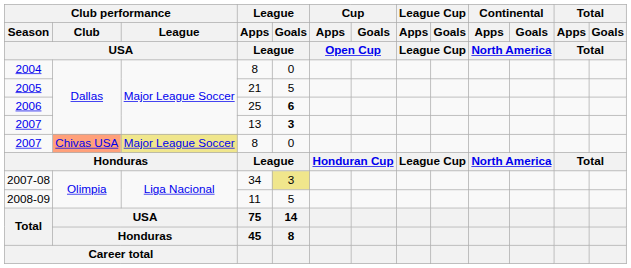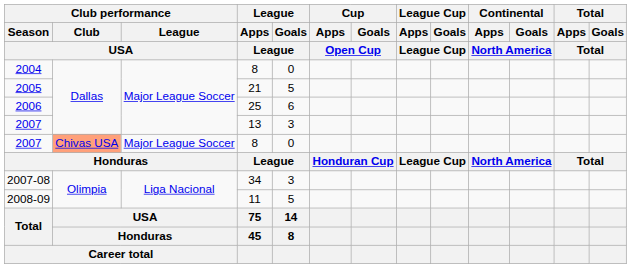 <table class="wikitable" style="text-align:center">
 <tr>
 <th colspan=3>Club performance</th>
 <th colspan=2>League</th>
 <th colspan=2>Cup</th>
 <th colspan=2>League Cup</th>
 <th colspan=2>Continental</th>
 <th colspan=2>Total</th>
 </tr>
 <tr>
 <th>Season</th>
 <th>Club</th>
 <th>League</th>
 <th>Apps</th>
 <th>Goals</th>
 <th>Apps</th>
 <th>Goals</th>
 <th>Apps</th>
 <th>Goals</th>
 <th>Apps</th>
 <th>Goals</th>
 <th>Apps</th>
 <th>Goals</th>
 </tr>
 <tr>
 <th colspan=3>USA</th>
 <th colspan=2>League</th>
 <th colspan=2><a href='#'>Open Cup</a></th>
 <th colspan=2>League Cup</th>
 <th colspan=2><a href='#'>North America</a></th>
 <th colspan=2>Total</th>
 </tr>
 <tr>
 <td><a href='#'>2004</a></td>
 <td rowspan="4"><a href='#'>Dallas</a></td>
 <td rowspan="4"><a href='#'>Major League Soccer</a></td>
 <td>8</td>
 <td>0</td>
 <td></td>
 <td></td>
 <td></td>
 <td></td>
 <td></td>
 <td></td>
 <td></td>
 <td></td>
 </tr>
 <tr>
 <td><a href='#'>2005</a></td>
 <td>21</td>
 <td>5</td>
 <td></td>
 <td></td>
 <td></td>
 <td></td>
 <td></td>
 <td></td>
 <td></td>
 <td></td>
 </tr>
 <tr>
 <td><a href='#'>2006</a></td>
 <td>25</td>
-<td><strong>6</strong></td>
+<td>6</td>
 <td></td>
 <td></td>
 <td></td>
 <td></td>
 <td></td>
 <td></td>
 <td></td>
 <td></td>
 </tr>
 <tr>
 <td><a href='#'>2007</a></td>
 <td>13</td>
-<td><strong>3</strong></td>
+<td>3</td>
 <td></td>
 <td></td>
 <td></td>
 <td></td>
 <td></td>
 <td></td>
 <td></td>
 <td></td>
 </tr>
 <tr>
 <td><a href='#'>2007</a></td>
 <td style="background: lightsalmon;"><a href='#'>Chivas USA</a></td>
-<td style="background: khaki;"><a href='#'>Major League Soccer</a></td>
+<td><a href='#'>Major League Soccer</a></td>
 <td>8</td>
 <td>0</td>
 <td></td>
 <td></td>
 <td></td>
 <td></td>
 <td></td>
 <td></td>
 <td></td>
 <td></td>
 </tr>
 <tr>
 <th colspan=3>Honduras</th>
 <th colspan=2>League</th>
 <th colspan=2><a href='#'>Honduran Cup</a></th>
 <th colspan=2>League Cup</th>
 <th colspan=2><a href='#'>North America</a></th>
 <th colspan=2>Total</th>
 </tr>
 <tr>
 <td>2007-08</td>
 <td rowspan="2"><a href='#'>Olimpia</a></td>
 <td rowspan="2"><a href='#'>Liga Nacional</a></td>
 <td>34</td>
-<td style="background: khaki;">3</td>
+<td>3</td>
 <td></td>
 <td></td>
 <td></td>
 <td></td>
 <td></td>
 <td></td>
 <td></td>
 <td></td>
 </tr>
 <tr>
 <td>2008-09</td>
 <td>11</td>
 <td>5</td>
 <td></td>
 <td></td>
 <td></td>
 <td></td>
 <td></td>
 <td></td>
 <td></td>
 <td></td>
 </tr>
 <tr>
 <th rowspan=2>Total</th>
 <th colspan=2>USA</th>
 <th>75</th>
 <th>14</th>
 <th></th>
 <th></th>
 <th></th>
 <th></th>
 <th></th>
 <th></th>
 <th></th>
 <th></th>
 </tr>
 <tr>
 <th colspan=2>Honduras</th>
 <th>45</th>
 <th>8</th>
 <th></th>
 <th></th>
 <th></th>
 <th></th>
 <th></th>
 <th></th>
 <th></th>
 <th></th>
 </tr>
 <tr>
 <th colspan=3>Career total</th>
 <th></th>
 <th></th>
 <th></th>
 <th></th>
 <th></th>
 <th></th>
 <th></th>
 <th></th>
 <th></th>
 <th></th>
 </tr>
 </table>
